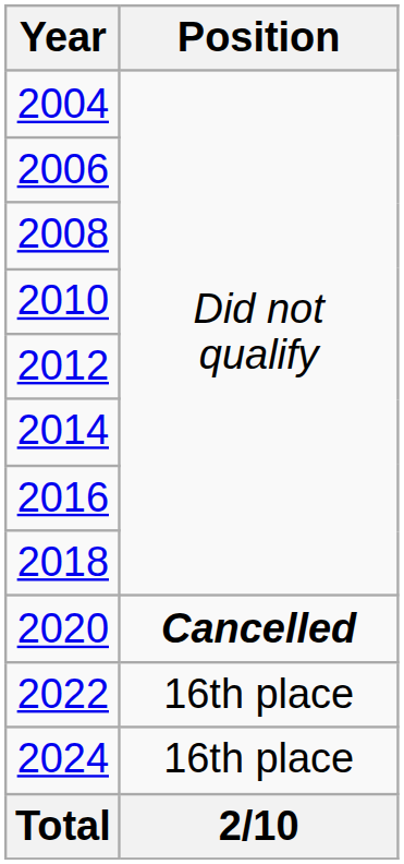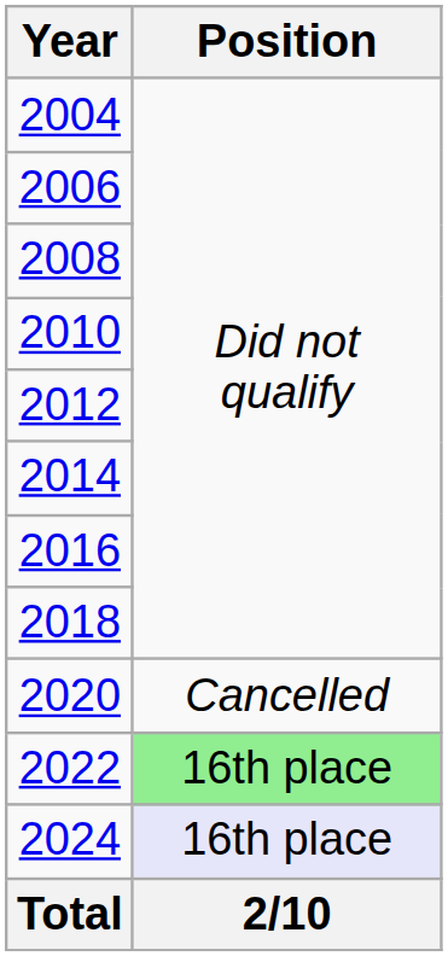 <table class="wikitable" style="text-align: center;">
 <tr>
 <th>Year</th>
 <th width="100">Position</th>
 </tr>
 <tr>
 <td> <a href='#'>2004</a></td>
 <td rowspan=8><em>Did not qualify</em></td>
 </tr>
 <tr>
 <td> <a href='#'>2006</a></td>
 </tr>
 <tr>
 <td> <a href='#'>2008</a></td>
 </tr>
 <tr>
 <td> <a href='#'>2010</a></td>
 </tr>
 <tr>
 <td> <a href='#'>2012</a></td>
 </tr>
 <tr>
 <td> <a href='#'>2014</a></td>
 </tr>
 <tr>
 <td> <a href='#'>2016</a></td>
 </tr>
 <tr>
 <td> <a href='#'>2018</a></td>
 </tr>
 <tr>
 <td> <a href='#'>2020</a></td>
-<td><strong><em>Cancelled</em></strong></td>
+<td><em>Cancelled</em></td>
 </tr>
 <tr>
 <td> <a href='#'>2022</a></td>
-<td>16th place</td>
+<td style="background: lightgreen;">16th place</td>
 </tr>
 <tr>
 <td> <a href='#'>2024</a></td>
-<td>16th place</td>
+<td style="background: lavender;">16th place</td>
 </tr>
 <tr>
 <th>Total</th>
 <th>2/10</th>
 </tr>
 </table>
